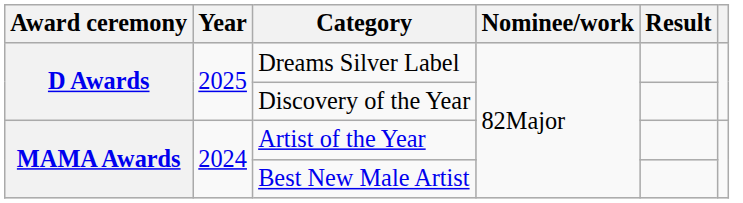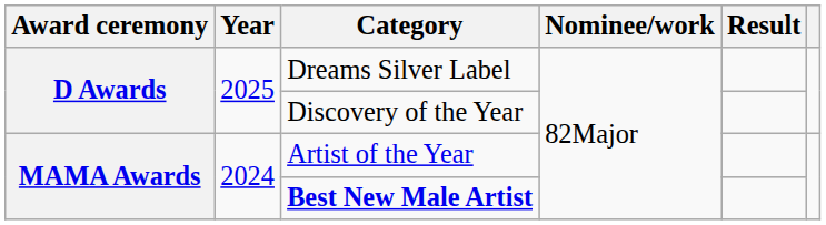 <table class="wikitable plainrowheaders">
 <tr>
 <th scope="col">Award ceremony</th>
 <th scope="col">Year</th>
 <th scope="col">Category</th>
 <th scope="col">Nominee/work</th>
 <th scope="col">Result</th>
 <th scope="col" class="unsortable"></th>
 </tr>
 <tr>
 <th scope="row" rowspan="2"><a href='#'>D Awards</a></th>
 <td rowspan="2"><a href='#'>2025</a></td>
 <td>Dreams Silver Label</td>
 <td rowspan="4">82Major</td>
 <td></td>
 <td rowspan="2" style="text-align:center"></td>
 </tr>
 <tr>
 <td>Discovery of the Year</td>
 <td></td>
 </tr>
 <tr>
 <th scope="row" rowspan="2"><a href='#'>MAMA Awards</a></th>
 <td style="text-align:center" rowspan="2"><a href='#'>2024</a></td>
 <td><a href='#'>Artist of the Year</a></td>
 <td></td>
 <td style="text-align:center" rowspan="2"></td>
 </tr>
 <tr>
-<td><a href='#'>Best New Male Artist</a></td>
+<td><strong><a href='#'>Best New Male Artist</a></strong></td>
 <td></td>
 </tr>
 </table>
